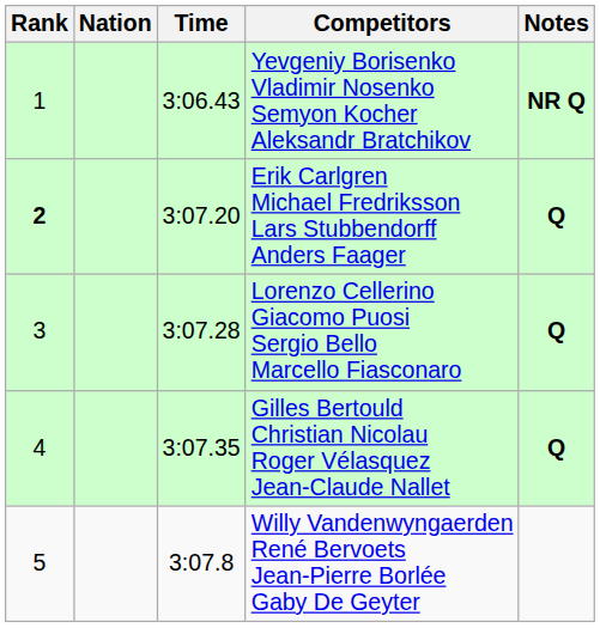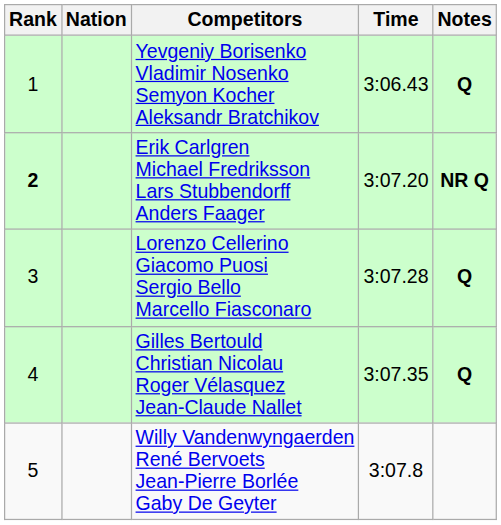 <table class="wikitable sortable" style="text-align:center">
 <tr>
 <th>Rank</th>
 <th>Nation</th>
+<th>Competitors</th>
 <th>Time</th>
-<th>Competitors</th>
 <th>Notes</th>
 </tr>
 <tr bgcolor=ccffcc>
 <td>1</td>
 <td align=left></td>
+<td align=left><a href='#'>Yevgeniy Borisenko</a><br><a href='#'>Vladimir Nosenko</a><br><a href='#'>Semyon Kocher</a><br><a href='#'>Aleksandr Bratchikov</a></td>
 <td>3:06.43</td>
-<td align=left><a href='#'>Yevgeniy Borisenko</a><br><a href='#'>Vladimir Nosenko</a><br><a href='#'>Semyon Kocher</a><br><a href='#'>Aleksandr Bratchikov</a></td>
-<td><strong>NR Q</strong></td>
+<td><strong>Q</strong></td>
 </tr>
 <tr bgcolor=ccffcc>
 <td><strong>2</strong></td>
 <td align=left></td>
+<td align=left><a href='#'>Erik Carlgren</a><br><a href='#'>Michael Fredriksson</a><br><a href='#'>Lars Stubbendorff</a><br><a href='#'>Anders Faager</a></td>
 <td>3:07.20</td>
-<td align=left><a href='#'>Erik Carlgren</a><br><a href='#'>Michael Fredriksson</a><br><a href='#'>Lars Stubbendorff</a><br><a href='#'>Anders Faager</a></td>
-<td><strong>Q</strong></td>
+<td><strong>NR Q</strong></td>
 </tr>
 <tr bgcolor=ccffcc>
 <td>3</td>
 <td align=left></td>
+<td align=left><a href='#'>Lorenzo Cellerino</a><br><a href='#'>Giacomo Puosi</a><br><a href='#'>Sergio Bello</a><br><a href='#'>Marcello Fiasconaro</a></td>
 <td>3:07.28</td>
-<td align=left><a href='#'>Lorenzo Cellerino</a><br><a href='#'>Giacomo Puosi</a><br><a href='#'>Sergio Bello</a><br><a href='#'>Marcello Fiasconaro</a></td>
 <td><strong>Q</strong></td>
 </tr>
 <tr bgcolor=ccffcc>
 <td>4</td>
 <td align=left></td>
+<td align=left><a href='#'>Gilles Bertould</a><br><a href='#'>Christian Nicolau</a><br><a href='#'>Roger Vélasquez</a><br><a href='#'>Jean-Claude Nallet</a></td>
 <td>3:07.35</td>
-<td align=left><a href='#'>Gilles Bertould</a><br><a href='#'>Christian Nicolau</a><br><a href='#'>Roger Vélasquez</a><br><a href='#'>Jean-Claude Nallet</a></td>
 <td><strong>Q</strong></td>
 </tr>
 <tr>
 <td>5</td>
 <td align=left></td>
+<td align=left><a href='#'>Willy Vandenwyngaerden</a><br><a href='#'>René Bervoets</a><br><a href='#'>Jean-Pierre Borlée</a><br><a href='#'>Gaby De Geyter</a></td>
 <td>3:07.8</td>
-<td align=left><a href='#'>Willy Vandenwyngaerden</a><br><a href='#'>René Bervoets</a><br><a href='#'>Jean-Pierre Borlée</a><br><a href='#'>Gaby De Geyter</a></td>
 <td></td>
 </tr>
 </table>
